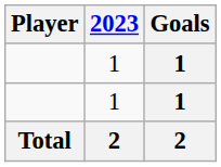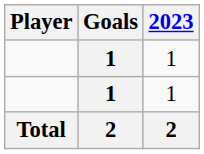 <table class="wikitable sortable" style="text-align:center;">
 <tr>
 <th>Player</th>
+<th>Goals</th>
 <th><a href='#'>2023</a></th>
-<th>Goals</th>
 </tr>
 <tr>
 <td align="left"></td>
+<th>1</th>
 <td>1</td>
-<th>1</th>
 </tr>
 <tr>
 <td align="left"></td>
+<th>1</th>
 <td>1</td>
-<th>1</th>
 </tr>
 <tr class="sortbottom">
 <th>Total</th>
 <th>2</th>
 <th>2</th>
 </tr>
 </table>
